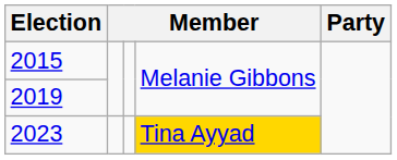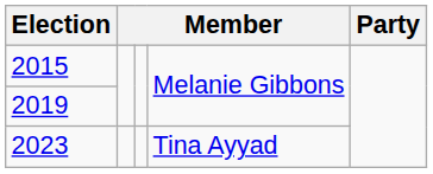 <table class="wikitable">
 <tr>
 <th>Election</th>
 <th colspan="3">Member</th>
 <th>Party</th>
 </tr>
 <tr>
 <td><a href='#'>2015</a></td>
 <td rowspan="2" > </td>
 <td rowspan="2"></td>
 <td rowspan="2"><a href='#'>Melanie Gibbons</a></td>
 <td rowspan="3"></td>
 </tr>
 <tr>
 <td><a href='#'>2019</a></td>
 </tr>
 <tr>
 <td><a href='#'>2023</a></td>
 <td rowspan="2" > </td>
 <td></td>
-<td style="background: gold;"><a href='#'>Tina Ayyad</a></td>
+<td><a href='#'>Tina Ayyad</a></td>
 </tr>
 </table>
